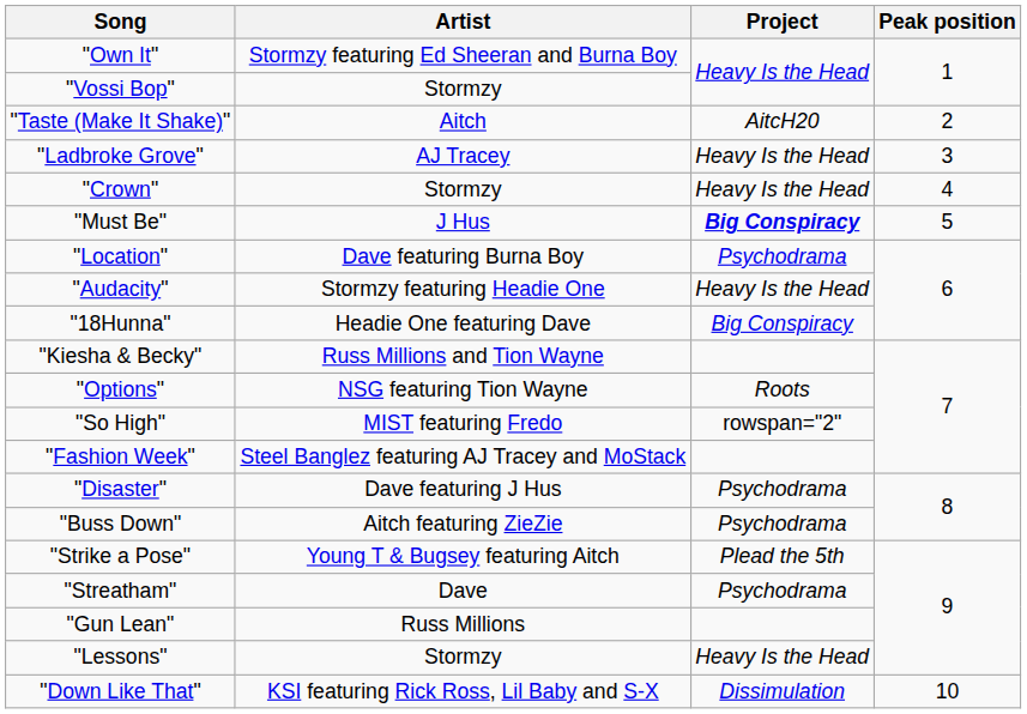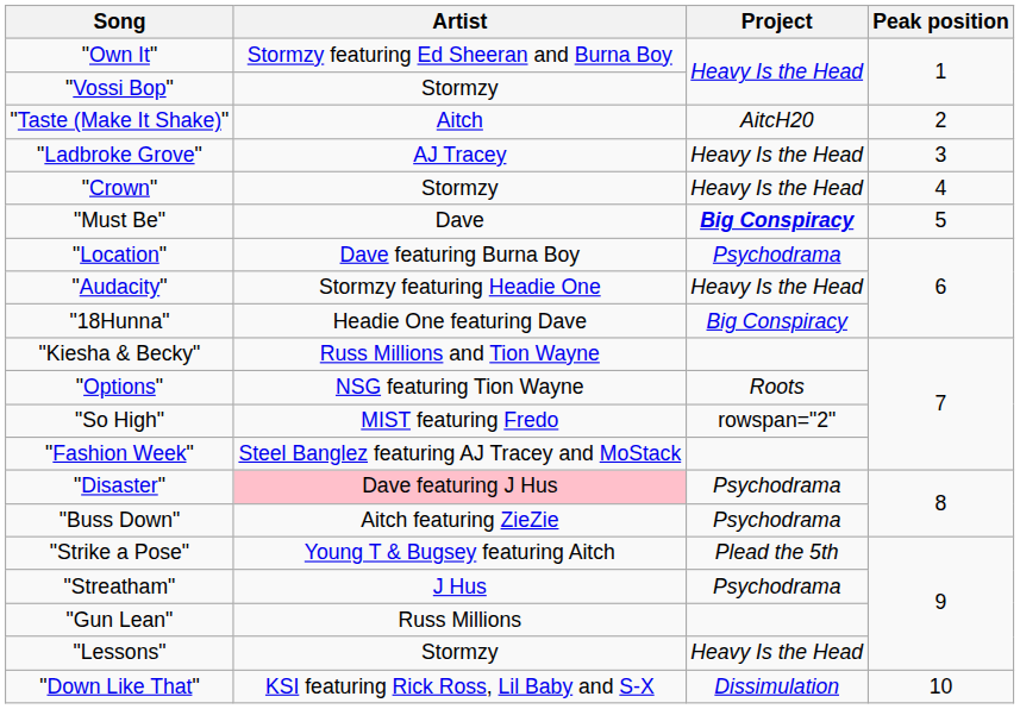 <table class="wikitable sortable plainrowheaders" style="text-align:center;">
 <tr>
 <th scope="col">Song</th>
 <th scope="col">Artist</th>
 <th scope="col">Project</th>
 <th scope="col">Peak position</th>
 </tr>
 <tr>
 <td>"<a href='#'>Own It</a>"</td>
 <td><a href='#'>Stormzy</a> featuring <a href='#'>Ed Sheeran</a> and <a href='#'>Burna Boy</a></td>
 <td rowspan="2"><em><a href='#'>Heavy Is the Head</a></em></td>
 <td rowspan="2">1</td>
 </tr>
 <tr>
 <td>"<a href='#'>Vossi Bop</a>"</td>
 <td>Stormzy</td>
 </tr>
 <tr>
 <td>"<a href='#'>Taste (Make It Shake)</a>"</td>
 <td><a href='#'>Aitch</a></td>
 <td><em>AitcH20</em></td>
 <td>2</td>
 </tr>
 <tr>
 <td>"<a href='#'>Ladbroke Grove</a>"</td>
 <td><a href='#'>AJ Tracey</a></td>
 <td><em>Heavy Is the Head</em></td>
 <td>3</td>
 </tr>
 <tr>
 <td>"<a href='#'>Crown</a>"</td>
 <td>Stormzy</td>
 <td><em>Heavy Is the Head</em></td>
 <td>4</td>
 </tr>
 <tr>
 <td>"Must Be"</td>
-<td><a href='#'>J Hus</a></td>
+<td>Dave</td>
 <td><strong><em><a href='#'>Big Conspiracy</a></em></strong></td>
 <td>5</td>
 </tr>
 <tr>
 <td>"<a href='#'>Location</a>"</td>
 <td><a href='#'>Dave</a> featuring Burna Boy</td>
 <td><em><a href='#'>Psychodrama</a></em></td>
 <td rowspan="3">6</td>
 </tr>
 <tr>
 <td>"<a href='#'>Audacity</a>"</td>
 <td>Stormzy featuring <a href='#'>Headie One</a></td>
 <td><em>Heavy Is the Head</em></td>
 </tr>
 <tr>
 <td>"18Hunna"</td>
 <td>Headie One featuring Dave</td>
 <td><em><a href='#'>Big Conspiracy</a></em></td>
 </tr>
 <tr>
 <td>"Kiesha & Becky"</td>
 <td><a href='#'>Russ Millions</a> and <a href='#'>Tion Wayne</a></td>
 <td></td>
 <td rowspan="4">7</td>
 </tr>
 <tr>
 <td>"<a href='#'>Options</a>"</td>
 <td><a href='#'>NSG</a> featuring Tion Wayne</td>
 <td><em>Roots</em></td>
 </tr>
 <tr>
 <td>"So High"</td>
 <td><a href='#'>MIST</a> featuring <a href='#'>Fredo</a></td>
 <td>rowspan="2" </td>
 </tr>
 <tr>
 <td>"<a href='#'>Fashion Week</a>"</td>
 <td><a href='#'>Steel Banglez</a> featuring AJ Tracey and <a href='#'>MoStack</a></td>
 </tr>
 <tr>
 <td>"<a href='#'>Disaster</a>"</td>
-<td>Dave featuring J Hus</td>
+<td style="background: pink;">Dave featuring J Hus</td>
 <td><em>Psychodrama</em></td>
 <td rowspan="2">8</td>
 </tr>
 <tr>
 <td>"Buss Down"</td>
 <td>Aitch featuring <a href='#'>ZieZie</a></td>
 <td><em>Psychodrama</em></td>
 </tr>
 <tr>
 <td>"Strike a Pose"</td>
 <td><a href='#'>Young T & Bugsey</a> featuring Aitch</td>
 <td><em>Plead the 5th</em></td>
 <td rowspan="4">9</td>
 </tr>
 <tr>
 <td>"Streatham"</td>
-<td>Dave</td>
+<td><a href='#'>J Hus</a></td>
 <td><em>Psychodrama</em></td>
 </tr>
 <tr>
 <td>"Gun Lean"</td>
 <td>Russ Millions</td>
 <td></td>
 </tr>
 <tr>
 <td>"Lessons"</td>
 <td>Stormzy</td>
 <td><em>Heavy Is the Head</em></td>
 </tr>
 <tr>
 <td>"<a href='#'>Down Like That</a>"</td>
 <td><a href='#'>KSI</a> featuring <a href='#'>Rick Ross</a>, <a href='#'>Lil Baby</a> and <a href='#'>S-X</a></td>
 <td><em><a href='#'>Dissimulation</a></em></td>
 <td>10</td>
 </tr>
 </table>
